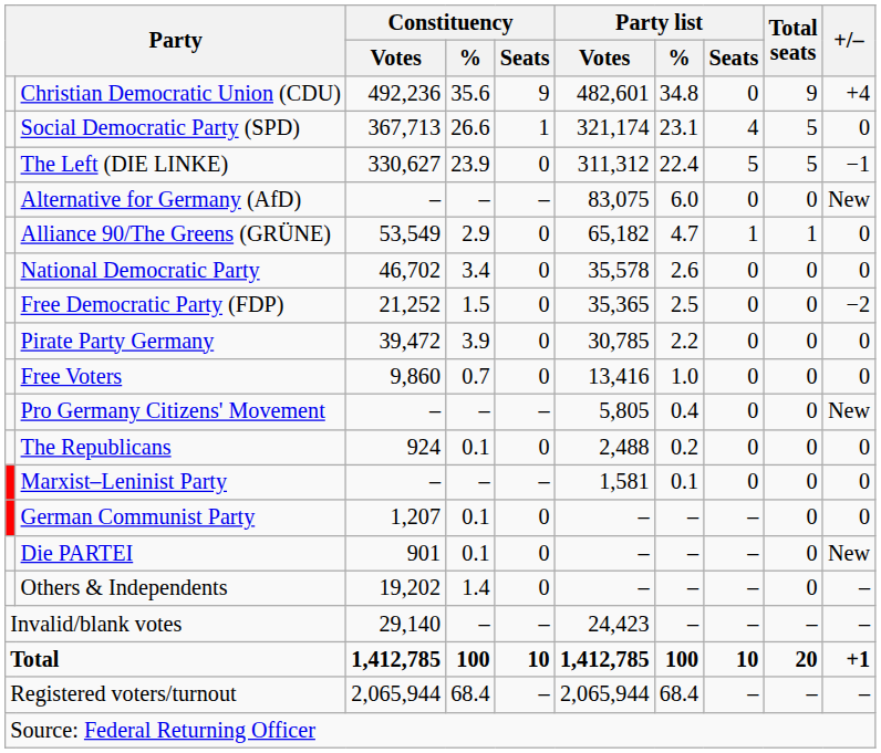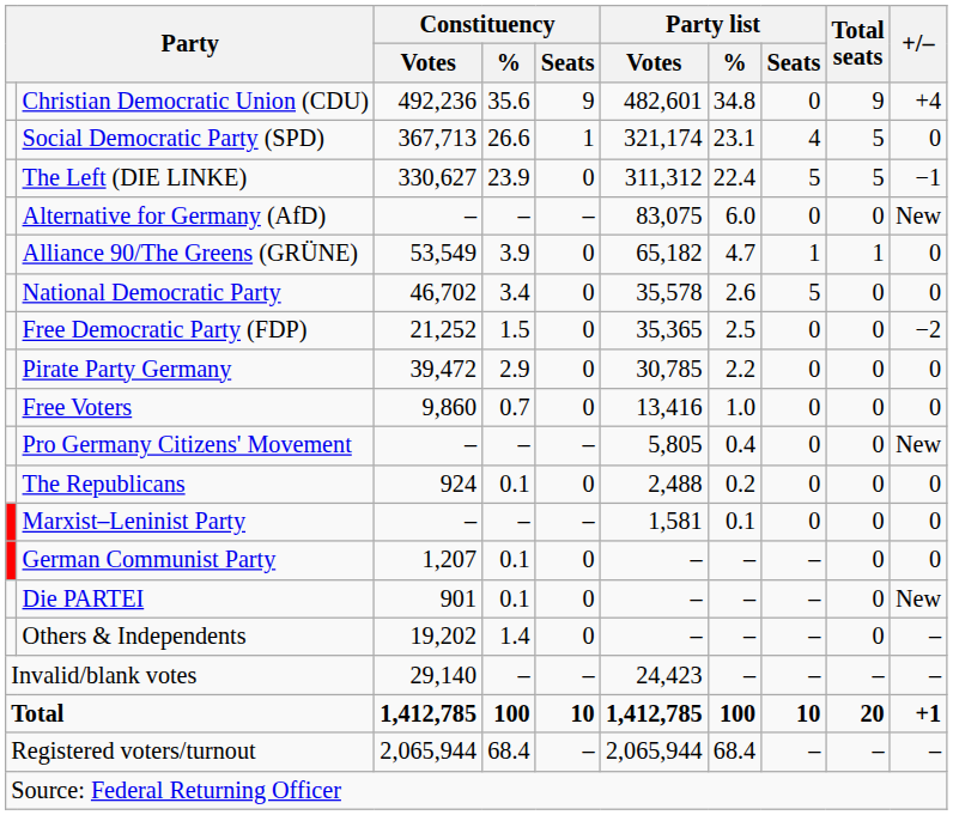 <table class="wikitable" style="text-align:right">
 <tr>
 <th colspan="2" rowspan="2">Party</th>
 <th colspan="3">Constituency</th>
 <th colspan="3">Party list</th>
 <th rowspan="2">Total<br>seats</th>
 <th rowspan="2">+/–</th>
 </tr>
 <tr>
 <th>Votes</th>
 <th>%</th>
 <th>Seats</th>
 <th>Votes</th>
 <th>%</th>
 <th>Seats</th>
 </tr>
 <tr>
 <td></td>
 <td align="left"><a href='#'>Christian Democratic Union</a> (CDU)</td>
 <td>492,236</td>
 <td>35.6</td>
 <td>9</td>
 <td>482,601</td>
 <td>34.8</td>
 <td>0</td>
 <td>9</td>
 <td>+4</td>
 </tr>
 <tr>
 <td></td>
 <td align="left"><a href='#'>Social Democratic Party</a> (SPD)</td>
 <td>367,713</td>
 <td>26.6</td>
 <td>1</td>
 <td>321,174</td>
 <td>23.1</td>
 <td>4</td>
 <td>5</td>
 <td>0</td>
 </tr>
 <tr>
 <td></td>
 <td align="left"><a href='#'>The Left</a> (DIE LINKE)</td>
 <td>330,627</td>
 <td>23.9</td>
 <td>0</td>
 <td>311,312</td>
 <td>22.4</td>
 <td>5</td>
 <td>5</td>
 <td>−1</td>
 </tr>
 <tr>
 <td></td>
 <td align="left"><a href='#'>Alternative for Germany</a> (AfD)</td>
 <td>–</td>
 <td>–</td>
 <td>–</td>
 <td>83,075</td>
 <td>6.0</td>
 <td>0</td>
 <td>0</td>
 <td>New</td>
 </tr>
 <tr>
 <td></td>
 <td align="left"><a href='#'>Alliance 90/The Greens</a> (GRÜNE)</td>
 <td>53,549</td>
-<td>2.9</td>
+<td>3.9</td>
 <td>0</td>
 <td>65,182</td>
 <td>4.7</td>
 <td>1</td>
 <td>1</td>
 <td>0</td>
 </tr>
 <tr>
 <td style="background-color:"></td>
 <td align="left"><a href='#'>National Democratic Party</a></td>
 <td>46,702</td>
 <td>3.4</td>
 <td>0</td>
 <td>35,578</td>
 <td>2.6</td>
-<td>0</td>
+<td>5</td>
 <td>0</td>
 <td>0</td>
 </tr>
 <tr>
 <td></td>
 <td align="left"><a href='#'>Free Democratic Party</a> (FDP)</td>
 <td>21,252</td>
 <td>1.5</td>
 <td>0</td>
 <td>35,365</td>
 <td>2.5</td>
 <td>0</td>
 <td>0</td>
 <td>−2</td>
 </tr>
 <tr>
 <td style="background-color:"></td>
 <td align="left"><a href='#'>Pirate Party Germany</a></td>
 <td>39,472</td>
-<td>3.9</td>
+<td>2.9</td>
 <td>0</td>
 <td>30,785</td>
 <td>2.2</td>
 <td>0</td>
 <td>0</td>
 <td>0</td>
 </tr>
 <tr>
 <td style="background-color:"></td>
 <td align="left"><a href='#'>Free Voters</a></td>
 <td>9,860</td>
 <td>0.7</td>
 <td>0</td>
 <td>13,416</td>
 <td>1.0</td>
 <td>0</td>
 <td>0</td>
 <td>0</td>
 </tr>
 <tr>
 <td></td>
 <td align="left"><a href='#'>Pro Germany Citizens' Movement</a></td>
 <td>–</td>
 <td>–</td>
 <td>–</td>
 <td>5,805</td>
 <td>0.4</td>
 <td>0</td>
 <td>0</td>
 <td>New</td>
 </tr>
 <tr>
 <td style="background-color:"></td>
 <td align="left"><a href='#'>The Republicans</a></td>
 <td>924</td>
 <td>0.1</td>
 <td>0</td>
 <td>2,488</td>
 <td>0.2</td>
 <td>0</td>
 <td>0</td>
 <td>0</td>
 </tr>
 <tr>
 <td style="background-color:red"></td>
 <td align="left"><a href='#'>Marxist–Leninist Party</a></td>
 <td>–</td>
 <td>–</td>
 <td>–</td>
 <td>1,581</td>
 <td>0.1</td>
 <td>0</td>
 <td>0</td>
 <td>0</td>
 </tr>
 <tr>
 <td style="background-color:red"></td>
 <td align="left"><a href='#'>German Communist Party</a></td>
 <td>1,207</td>
 <td>0.1</td>
 <td>0</td>
 <td>–</td>
 <td>–</td>
 <td>–</td>
 <td>0</td>
 <td>0</td>
 </tr>
 <tr>
 <td style="background-color:"></td>
 <td align="left"><a href='#'>Die PARTEI</a></td>
 <td>901</td>
 <td>0.1</td>
 <td>0</td>
 <td>–</td>
 <td>–</td>
 <td>–</td>
 <td>0</td>
 <td>New</td>
 </tr>
 <tr>
 <td></td>
 <td align="left">Others & Independents</td>
 <td>19,202</td>
 <td>1.4</td>
 <td>0</td>
 <td>–</td>
 <td>–</td>
 <td>–</td>
 <td>0</td>
 <td>–</td>
 </tr>
 <tr>
 <td colspan="2" align="left">Invalid/blank votes</td>
 <td>29,140</td>
 <td>–</td>
 <td>–</td>
 <td>24,423</td>
 <td>–</td>
 <td>–</td>
 <td>–</td>
 <td>–</td>
 </tr>
 <tr>
 <td colspan="2" align="left"><strong>Total</strong></td>
 <td><strong>1,412,785</strong></td>
 <td><strong>100</strong></td>
 <td><strong>10</strong></td>
 <td><strong>1,412,785</strong></td>
 <td><strong>100</strong></td>
 <td><strong>10</strong></td>
 <td><strong>20</strong></td>
 <td><strong>+1</strong></td>
 </tr>
 <tr>
 <td colspan="2" align="left">Registered voters/turnout</td>
 <td>2,065,944</td>
 <td>68.4</td>
 <td>–</td>
 <td>2,065,944</td>
 <td>68.4</td>
 <td>–</td>
 <td>–</td>
 <td>–</td>
 </tr>
 <tr>
 <td colspan="10" align="left">Source: <a href='#'>Federal Returning Officer</a></td>
 </tr>
 </table>
